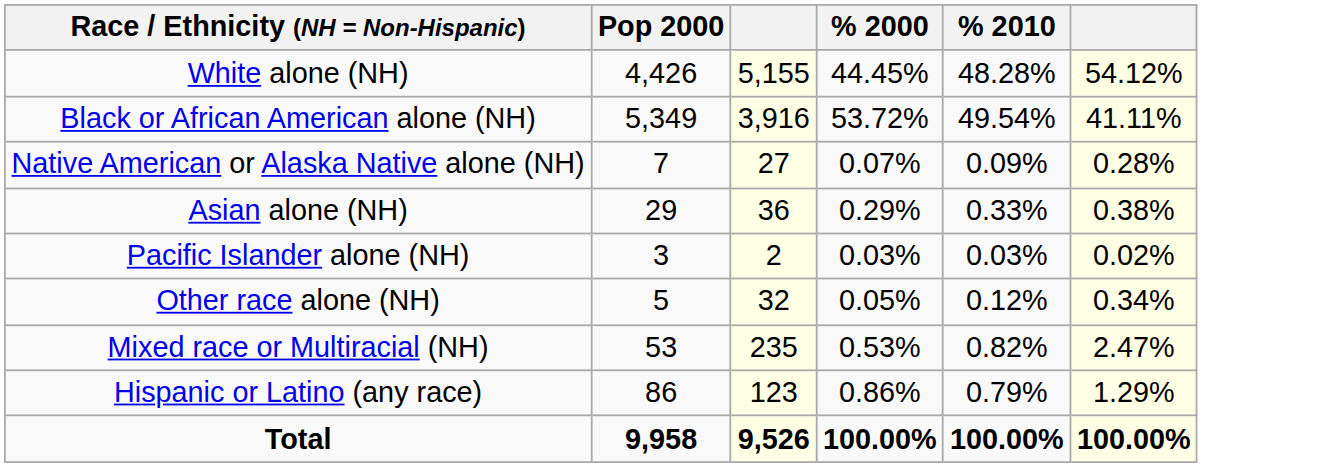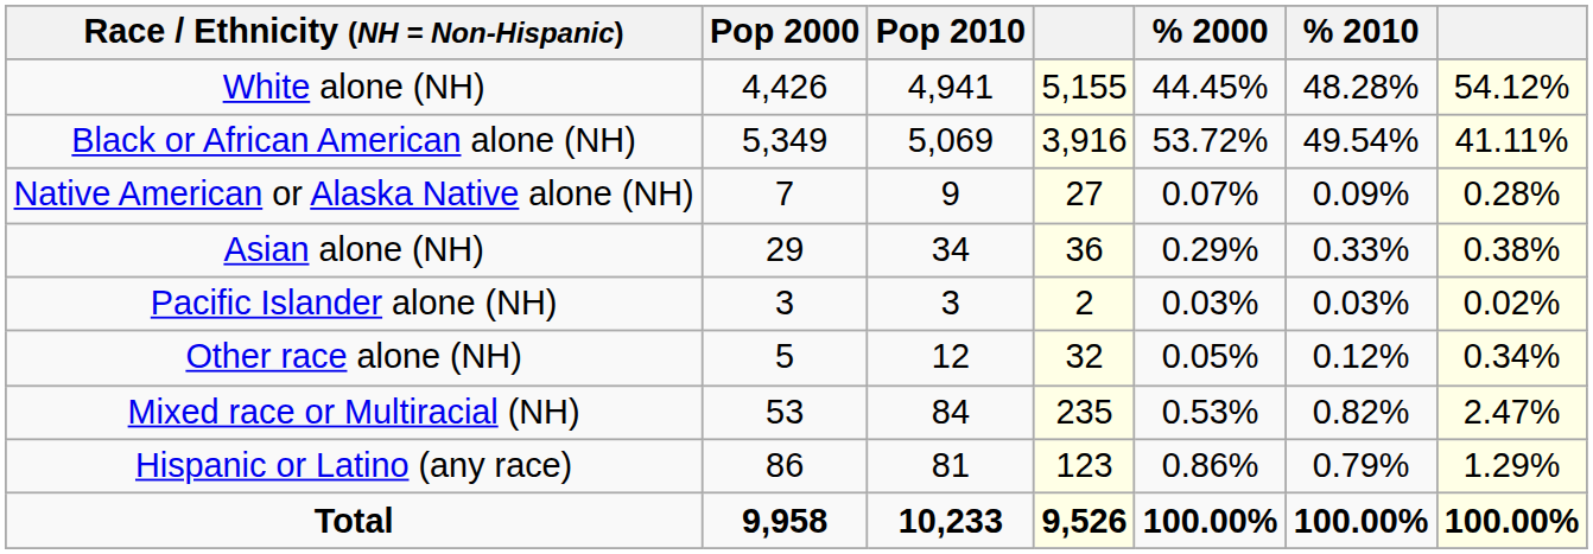 <table class="wikitable" style="text-align:center;">
 <tr>
 <th>Race / Ethnicity <small>(<em>NH = Non-Hispanic</em>)</small></th>
 <th>Pop 2000</th>
+<th>Pop 2010</th>
 <th></th>
 <th>% 2000</th>
 <th>% 2010</th>
 <th></th>
 </tr>
 <tr>
 <td><a href='#'>White</a> alone (NH)</td>
 <td>4,426</td>
+<td>4,941</td>
 <td style='background: #ffffe6;'>5,155</td>
 <td>44.45%</td>
 <td>48.28%</td>
 <td style='background: #ffffe6;'>54.12%</td>
 </tr>
 <tr>
 <td><a href='#'>Black or African American</a> alone (NH)</td>
 <td>5,349</td>
+<td>5,069</td>
 <td style='background: #ffffe6;'>3,916</td>
 <td>53.72%</td>
 <td>49.54%</td>
 <td style='background: #ffffe6;'>41.11%</td>
 </tr>
 <tr>
 <td><a href='#'>Native American</a> or <a href='#'>Alaska Native</a> alone (NH)</td>
 <td>7</td>
+<td>9</td>
 <td style='background: #ffffe6;'>27</td>
 <td>0.07%</td>
 <td>0.09%</td>
 <td style='background: #ffffe6;'>0.28%</td>
 </tr>
 <tr>
 <td><a href='#'>Asian</a> alone (NH)</td>
 <td>29</td>
+<td>34</td>
 <td style='background: #ffffe6;'>36</td>
 <td>0.29%</td>
 <td>0.33%</td>
 <td style='background: #ffffe6;'>0.38%</td>
 </tr>
 <tr>
 <td><a href='#'>Pacific Islander</a> alone (NH)</td>
+<td>3</td>
 <td>3</td>
 <td style='background: #ffffe6;'>2</td>
 <td>0.03%</td>
 <td>0.03%</td>
 <td style='background: #ffffe6;'>0.02%</td>
 </tr>
 <tr>
 <td><a href='#'>Other race</a> alone (NH)</td>
 <td>5</td>
+<td>12</td>
 <td style='background: #ffffe6;'>32</td>
 <td>0.05%</td>
 <td>0.12%</td>
 <td style='background: #ffffe6;'>0.34%</td>
 </tr>
 <tr>
 <td><a href='#'>Mixed race or Multiracial</a> (NH)</td>
 <td>53</td>
+<td>84</td>
 <td style='background: #ffffe6;'>235</td>
 <td>0.53%</td>
 <td>0.82%</td>
 <td style='background: #ffffe6;'>2.47%</td>
 </tr>
 <tr>
 <td><a href='#'>Hispanic or Latino</a> (any race)</td>
 <td>86</td>
+<td>81</td>
 <td style='background: #ffffe6;'>123</td>
 <td>0.86%</td>
 <td>0.79%</td>
 <td style='background: #ffffe6;'>1.29%</td>
 </tr>
 <tr>
 <td><strong>Total</strong></td>
 <td><strong>9,958</strong></td>
+<td><strong>10,233</strong></td>
 <td style='background: #ffffe6;'><strong>9,526</strong></td>
 <td><strong>100.00%</strong></td>
 <td><strong>100.00%</strong></td>
 <td style='background: #ffffe6;'><strong>100.00%</strong></td>
 </tr>
 </table>
